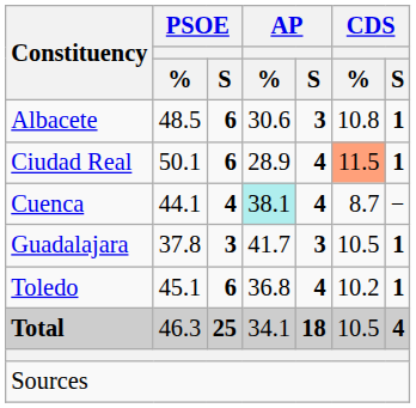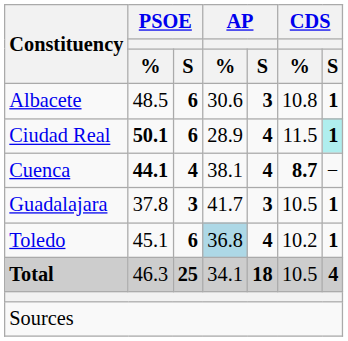 <table class="wikitable sortable" style="text-align:right; line-height:20px;">
 <tr>
 <th rowspan="3">Constituency</th>
 <th colspan="2" width="30px" class="unsortable"><a href='#'>PSOE</a></th>
 <th colspan="2" width="30px" class="unsortable"><a href='#'>AP</a></th>
 <th colspan="2" width="30px" class="unsortable"><a href='#'>CDS</a></th>
 </tr>
 <tr>
 <th colspan="2" style="background:"></th>
 <th colspan="2" style="background:"></th>
 <th colspan="2" style="background:"></th>
 </tr>
 <tr>
 <th data-sort-type="number">%</th>
 <th data-sort-type="number">S</th>
 <th data-sort-type="number">%</th>
 <th data-sort-type="number">S</th>
 <th data-sort-type="number">%</th>
 <th data-sort-type="number">S</th>
 </tr>
 <tr>
 <td align="left"><a href='#'>Albacete</a></td>
 <td style="background:">48.5</td>
 <td><strong>6</strong></td>
 <td>30.6</td>
 <td><strong>3</strong></td>
 <td>10.8</td>
 <td><strong>1</strong></td>
 </tr>
 <tr>
 <td align="left"><a href='#'>Ciudad Real</a></td>
-<td style="background:">50.1</td>
+<td style="background:"><strong>50.1</strong></td>
 <td><strong>6</strong></td>
 <td>28.9</td>
 <td><strong>4</strong></td>
-<td style="background: lightsalmon;">11.5</td>
-<td><strong>1</strong></td>
+<td>11.5</td>
+<td style="background: paleturquoise;"><strong>1</strong></td>
 </tr>
 <tr>
 <td align="left"><a href='#'>Cuenca</a></td>
-<td style="background:">44.1</td>
+<td style="background:"><strong>44.1</strong></td>
 <td><strong>4</strong></td>
-<td style="background: paleturquoise;">38.1</td>
+<td>38.1</td>
 <td><strong>4</strong></td>
-<td>8.7</td>
+<td><strong>8.7</strong></td>
 <td>−</td>
 </tr>
 <tr>
 <td align="left"><a href='#'>Guadalajara</a></td>
 <td>37.8</td>
 <td><strong>3</strong></td>
 <td style="background:">41.7</td>
 <td><strong>3</strong></td>
 <td>10.5</td>
 <td><strong>1</strong></td>
 </tr>
 <tr>
 <td align="left"><a href='#'>Toledo</a></td>
 <td style="background:">45.1</td>
 <td><strong>6</strong></td>
-<td>36.8</td>
+<td style="background: lightblue;">36.8</td>
 <td><strong>4</strong></td>
 <td>10.2</td>
 <td><strong>1</strong></td>
 </tr>
 <tr style="background:#CDCDCD;">
 <td align="left"><strong>Total</strong></td>
 <td style="background:">46.3</td>
 <td><strong>25</strong></td>
 <td>34.1</td>
 <td><strong>18</strong></td>
 <td>10.5</td>
 <td><strong>4</strong></td>
 </tr>
 <tr>
 <th colspan="7"></th>
 </tr>
 <tr>
 <th style="text-align:left; font-weight:normal; background:#F9F9F9" colspan="7">Sources</th>
 </tr>
 </table>
